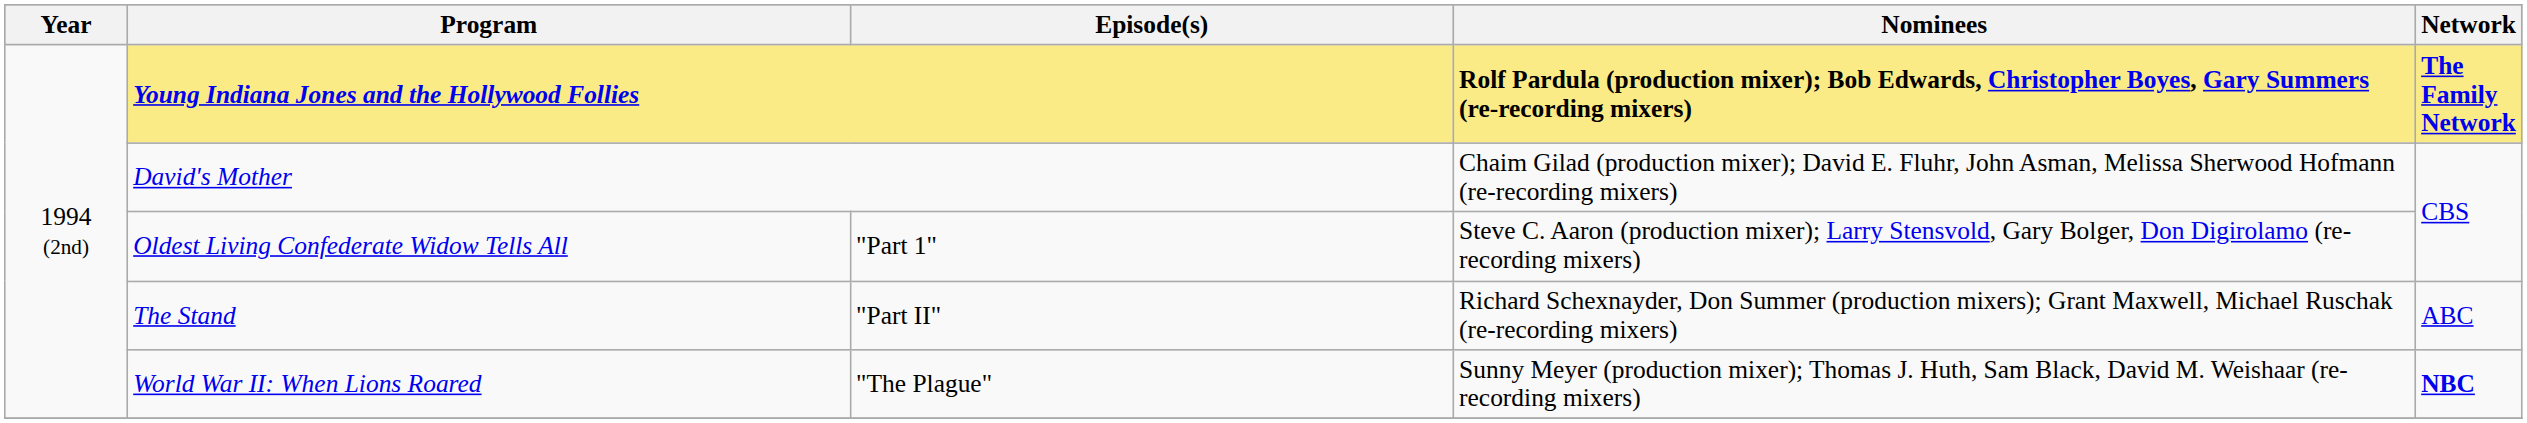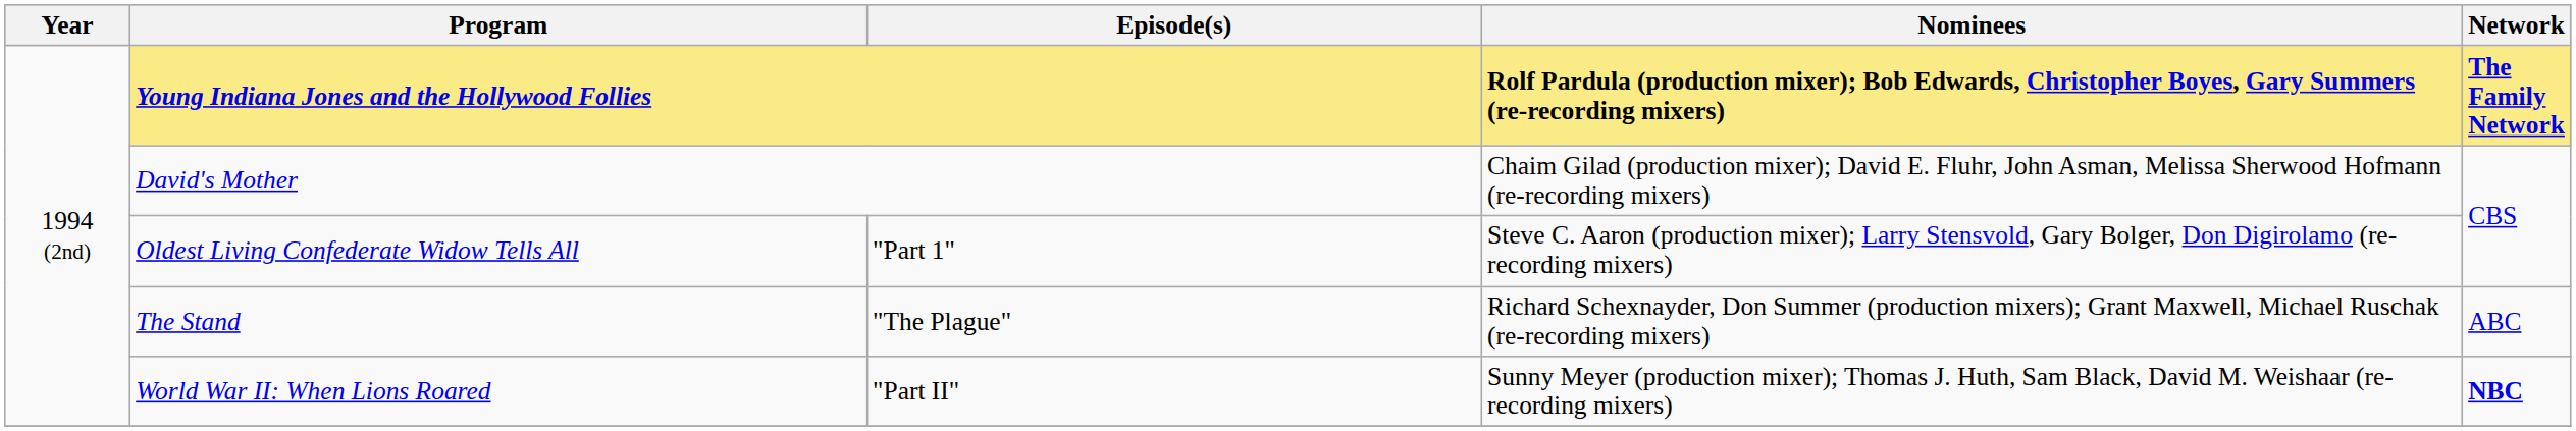 <table class="wikitable" style="width:100%">
 <tr bgcolor="#bebebe">
 <th width="5%">Year</th>
 <th width="30%">Program</th>
 <th width="25%">Episode(s)</th>
 <th width="40%">Nominees</th>
 <th width="5%">Network</th>
 </tr>
 <tr>
 <td rowspan="5" style="text-align:center;">1994 <br><small>(2nd)</small><br></td>
 <td colspan="2" style="background:#FAEB86;"><strong><em><a href='#'>Young Indiana Jones and the Hollywood Follies</a></em></strong></td>
 <td style="background:#FAEB86;"><strong>Rolf Pardula (production mixer); Bob Edwards, <a href='#'>Christopher Boyes</a>, <a href='#'>Gary Summers</a> (re-recording mixers)</strong></td>
 <td style="background:#FAEB86;"><strong><a href='#'>The Family Network</a></strong></td>
 </tr>
 <tr>
 <td colspan="2"><em><a href='#'>David's Mother</a></em></td>
 <td>Chaim Gilad (production mixer); David E. Fluhr, John Asman, Melissa Sherwood Hofmann (re-recording mixers)</td>
 <td rowspan="2"><a href='#'>CBS</a></td>
 </tr>
 <tr>
 <td><em><a href='#'>Oldest Living Confederate Widow Tells All</a></em></td>
 <td>"Part 1"</td>
 <td>Steve C. Aaron (production mixer); <a href='#'>Larry Stensvold</a>, Gary Bolger, <a href='#'>Don Digirolamo</a> (re-recording mixers)</td>
 </tr>
 <tr>
 <td><em><a href='#'>The Stand</a></em></td>
-<td>"Part II"</td>
+<td>"The Plague"</td>
 <td>Richard Schexnayder, Don Summer (production mixers); Grant Maxwell, Michael Ruschak (re-recording mixers)</td>
 <td><a href='#'>ABC</a></td>
 </tr>
 <tr>
 <td><em><a href='#'>World War II: When Lions Roared</a></em></td>
-<td>"The Plague"</td>
+<td>"Part II"</td>
 <td>Sunny Meyer (production mixer); Thomas J. Huth, Sam Black, David M. Weishaar (re-recording mixers)</td>
 <td><strong><a href='#'>NBC</a></strong></td>
 </tr>
 <tr>
 </tr>
 </table>
